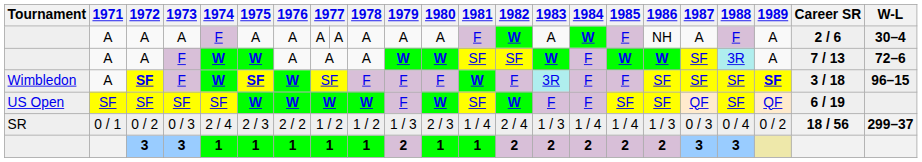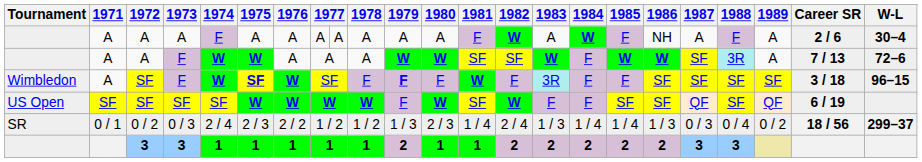 <table class=wikitable style=text-align:center>
 <tr>
 <th>Tournament</th>
 <th><a href='#'>1971</a></th>
 <th><a href='#'>1972</a></th>
 <th><a href='#'>1973</a></th>
 <th><a href='#'>1974</a></th>
 <th><a href='#'>1975</a></th>
 <th><a href='#'>1976</a></th>
 <th colspan="2"><a href='#'>1977</a></th>
 <th><a href='#'>1978</a></th>
 <th><a href='#'>1979</a></th>
 <th><a href='#'>1980</a></th>
 <th><a href='#'>1981</a></th>
 <th><a href='#'>1982</a></th>
 <th><a href='#'>1983</a></th>
 <th><a href='#'>1984</a></th>
 <th><a href='#'>1985</a></th>
 <th><a href='#'>1986</a></th>
 <th><a href='#'>1987</a></th>
 <th><a href='#'>1988</a></th>
 <th><a href='#'>1989</a></th>
 <th>Career SR</th>
 <th>W-L</th>
 </tr>
 <tr>
 <td style="background:#efefef; text-align:left;"></td>
 <td>A</td>
 <td>A</td>
 <td>A</td>
 <td style="background:thistle;"><a href='#'>F</a></td>
 <td>A</td>
 <td>A</td>
 <td>A</td>
 <td>A</td>
 <td>A</td>
 <td>A</td>
 <td>A</td>
 <td style="background:thistle;"><a href='#'>F</a></td>
 <td style="background:#0f0;"><strong><a href='#'>W</a></strong></td>
 <td>A</td>
 <td style="background:#0f0;"><strong><a href='#'>W</a></strong></td>
 <td style="background:thistle;"><a href='#'>F</a></td>
 <td>NH</td>
 <td>A</td>
 <td style="background:thistle;"><a href='#'>F</a></td>
 <td>A</td>
 <td style="background:#efefef;"><strong>2 / 6</strong></td>
 <td style="background:#efefef;"><strong>30–4</strong></td>
 </tr>
 <tr>
 <td style="background:#efefef; text-align:left;"></td>
 <td>A</td>
 <td>A</td>
 <td style="background:thistle;"><a href='#'>F</a></td>
 <td style="background:#0f0;"><a href='#'><strong>W</strong></a></td>
 <td style="background:#0f0;"><a href='#'><strong>W</strong></a></td>
 <td>A</td>
 <td colspan="2">A</td>
 <td>A</td>
 <td style="background:#0f0;"><a href='#'><strong>W</strong></a></td>
 <td style="background:#0f0;"><a href='#'><strong>W</strong></a></td>
 <td style="background:yellow;"><a href='#'>SF</a></td>
 <td style="background:yellow;"><a href='#'>SF</a></td>
 <td style="background:#0f0;"><a href='#'><strong>W</strong></a></td>
 <td style="background:thistle;"><a href='#'>F</a></td>
 <td style="background:#0f0;"><a href='#'><strong>W</strong></a></td>
 <td style="background:#0f0;"><a href='#'><strong>W</strong></a></td>
 <td style="background:yellow;"><a href='#'>SF</a></td>
 <td style="background:#afeeee;"><a href='#'>3R</a></td>
 <td>A</td>
 <td style="background:#efefef;"><strong>7 / 13</strong></td>
 <td style="background:#efefef;"><strong>72–6</strong></td>
 </tr>
 <tr>
 <td style="background:#efefef; text-align:left;"><a href='#'>Wimbledon</a></td>
 <td>A</td>
-<td style="background:yellow;"><strong><a href='#'>SF</a></strong></td>
+<td style="background:yellow;"><a href='#'>SF</a></td>
 <td style="background:thistle;"><a href='#'>F</a></td>
 <td style="background:#0f0;"><a href='#'><strong>W</strong></a></td>
 <td style="background:yellow;"><strong><a href='#'>SF</a></strong></td>
 <td style="background:#0f0;"><a href='#'><strong>W</strong></a></td>
 <td colspan="2" style="background:yellow;"><a href='#'>SF</a></td>
 <td style="background:thistle;"><a href='#'>F</a></td>
-<td style="background:thistle;"><a href='#'>F</a></td>
+<td style="background:thistle;"><strong><a href='#'>F</a></strong></td>
 <td style="background:thistle;"><a href='#'>F</a></td>
 <td style="background:#0f0;"><a href='#'><strong>W</strong></a></td>
 <td style="background:thistle;"><a href='#'>F</a></td>
 <td style="background:#afeeee;"><a href='#'>3R</a></td>
 <td style="background:thistle;"><a href='#'>F</a></td>
 <td style="background:thistle;"><a href='#'>F</a></td>
 <td style="background:yellow;"><a href='#'>SF</a></td>
 <td style="background:yellow;"><a href='#'>SF</a></td>
 <td style="background:yellow;"><a href='#'>SF</a></td>
-<td style="background:yellow;"><strong><a href='#'>SF</a></strong></td>
+<td style="background:yellow;"><a href='#'>SF</a></td>
 <td style="background:#efefef;"><strong>3 / 18</strong></td>
 <td style="background:#efefef;"><strong>96–15</strong></td>
 </tr>
 <tr>
 <td style="background:#efefef; text-align:left;"><a href='#'>US Open</a></td>
 <td style="background:yellow;"><a href='#'>SF</a></td>
 <td style="background:yellow;"><a href='#'>SF</a></td>
 <td style="background:yellow;"><a href='#'>SF</a></td>
 <td style="background:yellow;"><a href='#'>SF</a></td>
 <td style="background:#0f0;"><a href='#'><strong>W</strong></a></td>
 <td style="background:#0f0;"><a href='#'><strong>W</strong></a></td>
 <td colspan="2" style="background:#0f0;"><a href='#'><strong>W</strong></a></td>
 <td style="background:#0f0;"><a href='#'><strong>W</strong></a></td>
 <td style="background:thistle;"><a href='#'>F</a></td>
 <td style="background:#0f0;"><a href='#'><strong>W</strong></a></td>
 <td style="background:yellow;"><a href='#'>SF</a></td>
 <td style="background:#0f0;"><a href='#'><strong>W</strong></a></td>
 <td style="background:thistle;"><a href='#'>F</a></td>
 <td style="background:thistle;"><a href='#'>F</a></td>
 <td style="background:yellow;"><a href='#'>SF</a></td>
 <td style="background:yellow;"><a href='#'>SF</a></td>
 <td style="background:#ffebcd;"><a href='#'>QF</a></td>
 <td style="background:yellow;"><a href='#'>SF</a></td>
 <td style="background:#ffebcd;"><a href='#'>QF</a></td>
 <td style="background:#efefef;"><strong>6 / 19</strong></td>
 <td style="background:#efefef;"><strong></strong></td>
 </tr>
 <tr>
 <td style="background:#efefef; text-align:left;">SR</td>
 <td style="background:#efefef;">0 / 1</td>
 <td style="background:#efefef;">0 / 2</td>
 <td style="background:#efefef;">0 / 3</td>
 <td style="background:#efefef;">2 / 4</td>
 <td style="background:#efefef;">2 / 3</td>
 <td style="background:#efefef;">2 / 2</td>
 <td colspan="2" style="background:#efefef;">1 / 2</td>
 <td style="background:#efefef;">1 / 2</td>
 <td style="background:#efefef;">1 / 3</td>
 <td style="background:#efefef;">2 / 3</td>
 <td style="background:#efefef;">1 / 4</td>
 <td style="background:#efefef;">2 / 4</td>
 <td style="background:#efefef;">1 / 3</td>
 <td style="background:#efefef;">1 / 4</td>
 <td style="background:#efefef;">1 / 4</td>
 <td style="background:#efefef;">1 / 3</td>
 <td style="background:#efefef;">0 / 3</td>
 <td style="background:#efefef;">0 / 4</td>
 <td style="background:#efefef;">0 / 2</td>
 <th>18 / 56</th>
 <th>299–37</th>
 </tr>
 <tr>
 <td style="background:#efefef; text-align:left;"></td>
 <th></th>
 <td style="background:#9cf;"><strong>3</strong></td>
 <td style="background:#9cf;"><strong>3</strong></td>
 <td style="background:#0f0;"><strong>1</strong></td>
 <td style="background:#0f0;"><strong>1</strong></td>
 <td style="background:#0f0;"><strong>1</strong></td>
 <td colspan="2" style="background:#0f0;"><strong>1</strong></td>
 <td style="background:#0f0;"><strong>1</strong></td>
 <td style="background:thistle;"><strong>2</strong></td>
 <td style="background:#0f0;"><strong>1</strong></td>
 <td style="background:#0f0;"><strong>1</strong></td>
 <td style="background:thistle;"><strong>2</strong></td>
 <td style="background:thistle;"><strong>2</strong></td>
 <td style="background:thistle;"><strong>2</strong></td>
 <td style="background:thistle;"><strong>2</strong></td>
 <td style="background:thistle;"><strong>2</strong></td>
 <td style="background:#9cf;"><strong>3</strong></td>
 <td style="background:#9cf;"><strong>3</strong></td>
 <td style="background:#eee8aa;"></td>
 <th></th>
 <th></th>
 </tr>
 </table>
